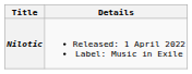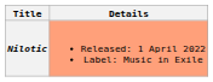 <table class="wikitable plainrowheaders" style="text-align:center;" border="1">
 <tr>
 <th>Title</th>
 <th>Details</th>
 </tr>
 <tr>
 <th scope="row"><em>Nilotic</em></th>
-<td><br><ul><li>Released: 1 April 2022</li><li>Label: Music in Exile</li></ul></td>
+<td style="background: lightsalmon;"><br><ul><li>Released: 1 April 2022</li><li>Label: Music in Exile</li></ul></td>
 </tr>
 </table>
